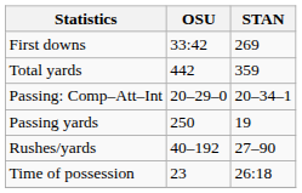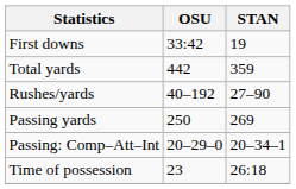 <table class="wikitable" style="float: left;">
 <tr>
 <th>Statistics</th>
 <th>OSU</th>
 <th>STAN</th>
 </tr>
 <tr>
 <td>First downs</td>
 <td>33:42</td>
-<td>269</td>
+<td>19</td>
 </tr>
 <tr>
 <td>Total yards</td>
 <td>442</td>
 <td>359</td>
 </tr>
 <tr>
-<td>Passing: Comp–Att–Int</td>
-<td>20–29–0</td>
-<td>20–34–1</td>
+<td>Rushes/yards</td>
+<td>40–192</td>
+<td>27–90</td>
 </tr>
 <tr>
 <td>Passing yards</td>
 <td>250</td>
-<td>19</td>
+<td>269</td>
 </tr>
 <tr>
-<td>Rushes/yards</td>
-<td>40–192</td>
-<td>27–90</td>
+<td>Passing: Comp–Att–Int</td>
+<td>20–29–0</td>
+<td>20–34–1</td>
 </tr>
 <tr>
 <td>Time of possession</td>
 <td>23</td>
 <td>26:18</td>
 </tr>
 <tr>
 </tr>
 </table>
